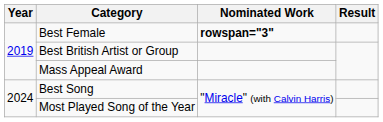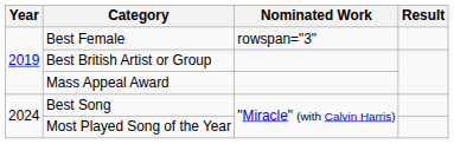 <table class="wikitable">
 <tr>
 <th>Year</th>
 <th>Category</th>
 <th>Nominated Work</th>
 <th>Result</th>
 </tr>
 <tr>
 <td rowspan="3"><a href='#'>2019</a></td>
 <td>Best Female</td>
-<td><strong>rowspan="3" </strong></td>
+<td>rowspan="3" </td>
 <td></td>
 </tr>
 <tr>
 <td>Best British Artist or Group</td>
 <td></td>
 </tr>
 <tr>
 <td>Mass Appeal Award</td>
 <td></td>
 </tr>
 <tr>
 <td rowspan="2">2024</td>
 <td>Best Song</td>
 <td rowspan="2">"<a href='#'>Miracle</a>" <small>(with <a href='#'>Calvin Harris</a>)</small></td>
 <td></td>
 </tr>
 <tr>
 <td>Most Played Song of the Year</td>
 <td></td>
 </tr>
 </table>
